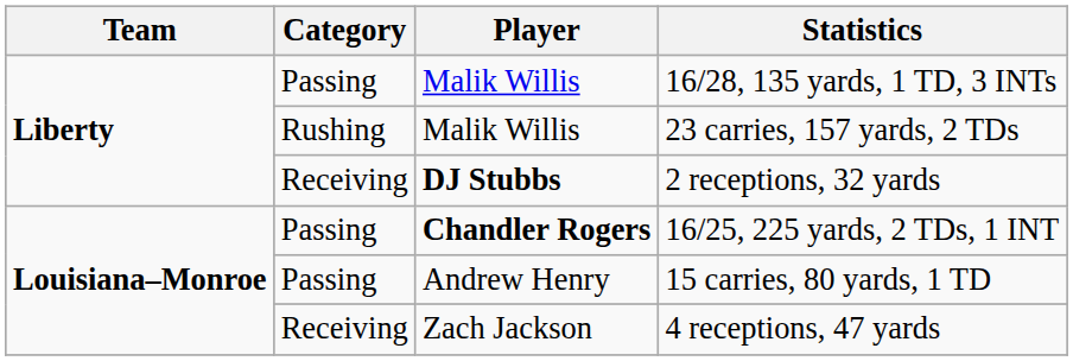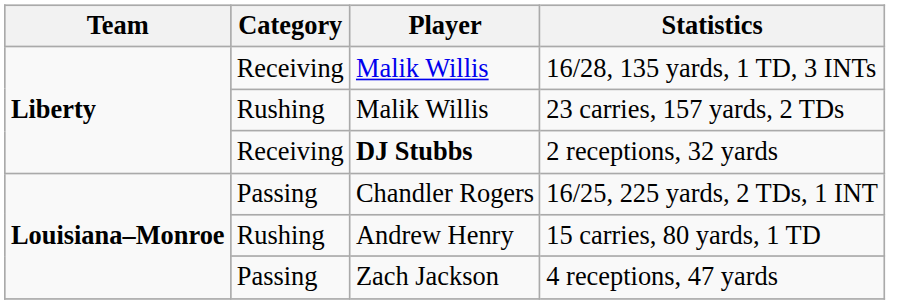 <table class="wikitable" style="float: left;">
 <tr>
 <th>Team</th>
 <th>Category</th>
 <th>Player</th>
 <th>Statistics</th>
 </tr>
 <tr>
 <td rowspan=3><strong>Liberty</strong></td>
-<td>Passing</td>
+<td>Receiving</td>
 <td><a href='#'>Malik Willis</a></td>
 <td>16/28, 135 yards, 1 TD, 3 INTs</td>
 </tr>
 <tr>
 <td>Rushing</td>
 <td>Malik Willis</td>
 <td>23 carries, 157 yards, 2 TDs</td>
 </tr>
 <tr>
 <td>Receiving</td>
 <td><strong>DJ Stubbs</strong></td>
 <td>2 receptions, 32 yards</td>
 </tr>
 <tr>
 <td rowspan=3><strong>Louisiana–Monroe</strong></td>
 <td>Passing</td>
-<td><strong>Chandler Rogers</strong></td>
+<td>Chandler Rogers</td>
 <td>16/25, 225 yards, 2 TDs, 1 INT</td>
 </tr>
 <tr>
-<td>Passing</td>
+<td>Rushing</td>
 <td>Andrew Henry</td>
 <td>15 carries, 80 yards, 1 TD</td>
 </tr>
 <tr>
-<td>Receiving</td>
+<td>Passing</td>
 <td>Zach Jackson</td>
 <td>4 receptions, 47 yards</td>
 </tr>
 </table>
